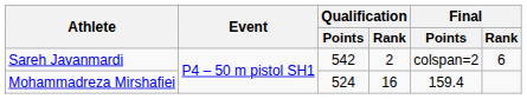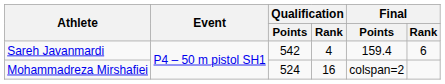 <table class="wikitable" style="font-size:90%">
 <tr>
 <th rowspan="2">Athlete</th>
 <th rowspan="2">Event</th>
 <th colspan="2">Qualification</th>
 <th colspan="2">Final</th>
 </tr>
 <tr style="font-size:95%">
 <th>Points</th>
 <th>Rank</th>
 <th>Points</th>
 <th>Rank</th>
 </tr>
 <tr align=center>
 <td align=left><a href='#'>Sareh Javanmardi</a></td>
 <td align=left rowspan=2><a href='#'>P4 – 50 m pistol SH1</a></td>
 <td>542</td>
-<td>2 <strong></strong></td>
-<td>colspan=2 </td>
+<td>4 <strong></strong></td>
+<td>159.4</td>
 <td>6</td>
 </tr>
 <tr align=center>
 <td align=left><a href='#'>Mohammadreza Mirshafiei</a></td>
 <td>524</td>
 <td>16</td>
-<td>159.4</td>
+<td>colspan=2 </td>
 </tr>
 </table>
